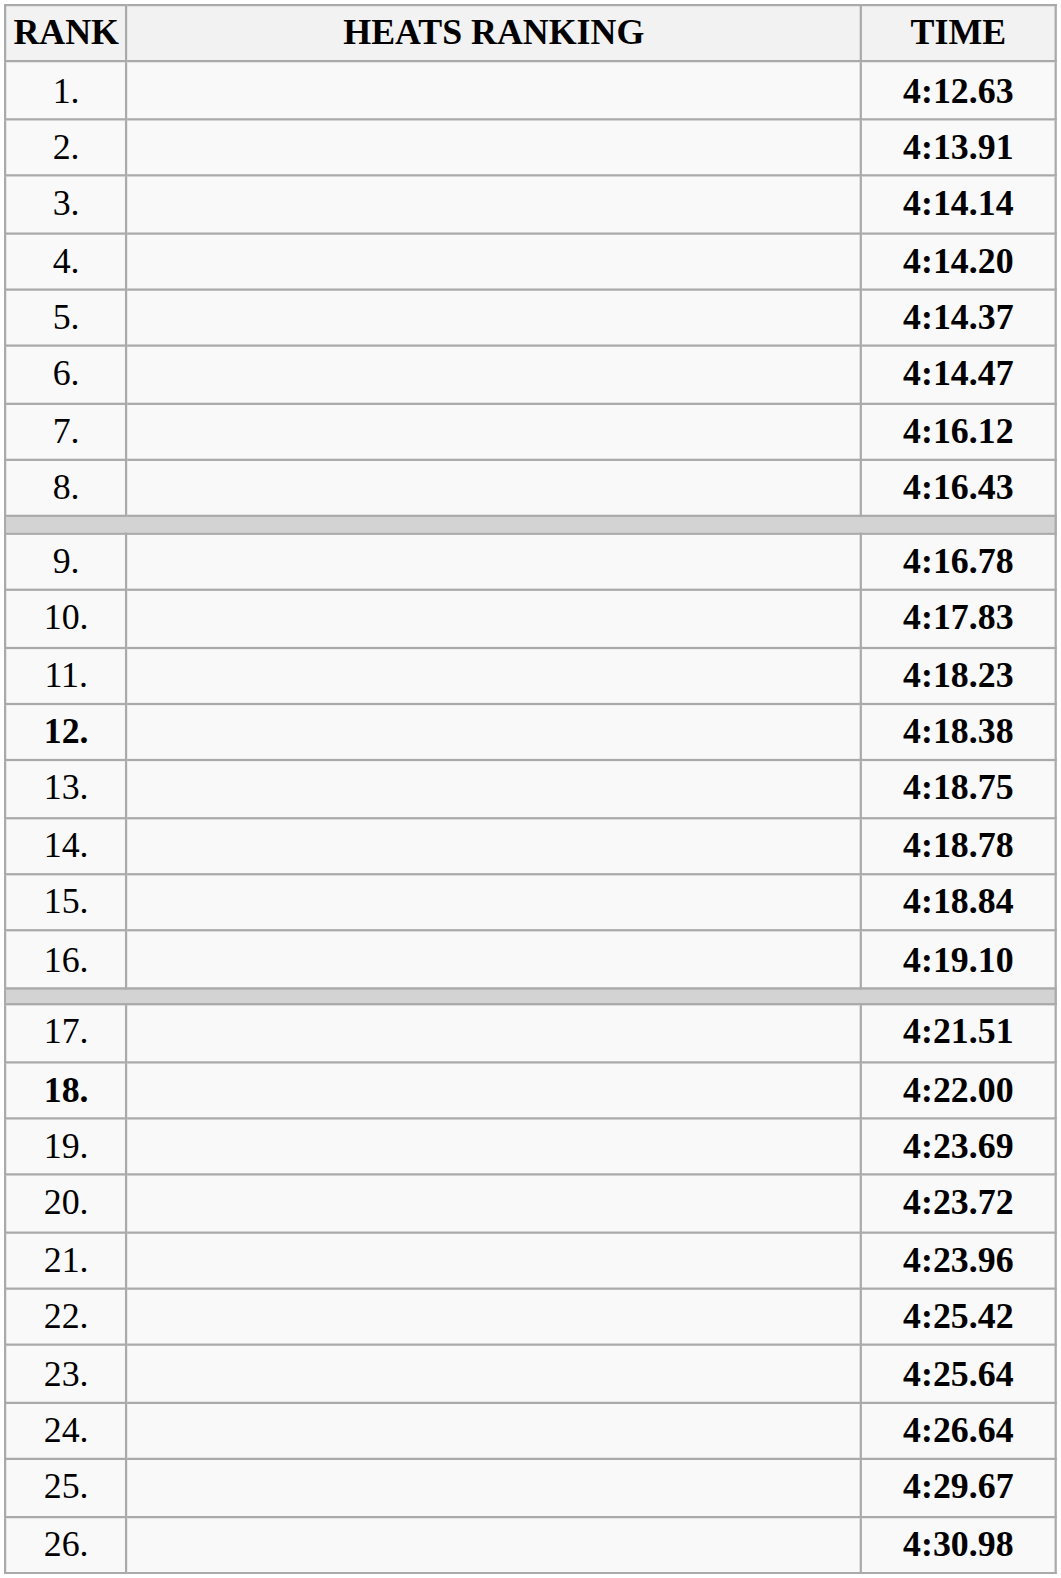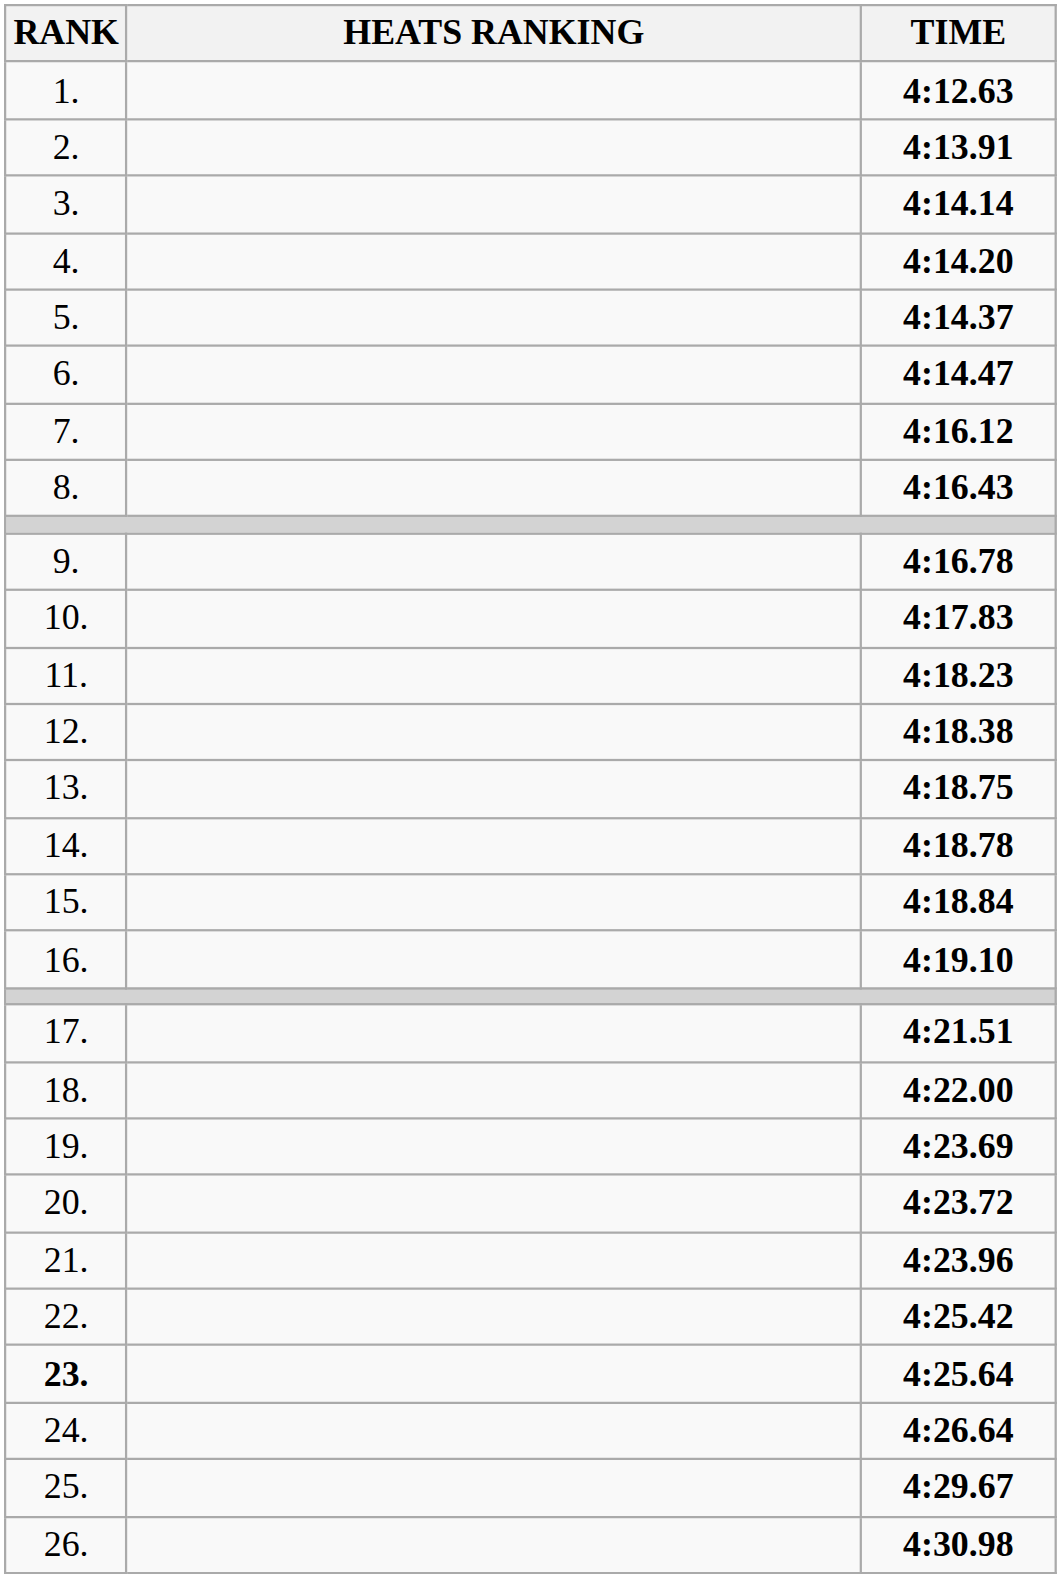 <table class="wikitable">
 <tr>
 <th>RANK</th>
 <th style="width: 20em">HEATS RANKING</th>
 <th style="width: 5em">TIME</th>
 </tr>
 <tr>
 <td align="center">1.</td>
 <td></td>
 <td align="center"><strong>4:12.63</strong></td>
 </tr>
 <tr>
 <td align="center">2.</td>
 <td></td>
 <td align="center"><strong>4:13.91</strong></td>
 </tr>
 <tr>
 <td align="center">3.</td>
 <td></td>
 <td align="center"><strong>4:14.14</strong></td>
 </tr>
 <tr>
 <td align="center">4.</td>
 <td></td>
 <td align="center"><strong>4:14.20</strong></td>
 </tr>
 <tr>
 <td align="center">5.</td>
 <td></td>
 <td align="center"><strong>4:14.37</strong></td>
 </tr>
 <tr>
 <td align="center">6.</td>
 <td></td>
 <td align="center"><strong>4:14.47</strong></td>
 </tr>
 <tr>
 <td align="center">7.</td>
 <td></td>
 <td align="center"><strong>4:16.12</strong></td>
 </tr>
 <tr>
 <td align="center">8.</td>
 <td></td>
 <td align="center"><strong>4:16.43</strong></td>
 </tr>
 <tr>
 <td colspan=3 bgcolor=lightgray></td>
 </tr>
 <tr>
 <td align="center">9.</td>
 <td></td>
 <td align="center"><strong>4:16.78</strong></td>
 </tr>
 <tr>
 <td align="center">10.</td>
 <td></td>
 <td align="center"><strong>4:17.83</strong></td>
 </tr>
 <tr>
 <td align="center">11.</td>
 <td></td>
 <td align="center"><strong>4:18.23</strong></td>
 </tr>
 <tr>
-<td align="center"><strong>12.</strong></td>
+<td align="center">12.</td>
 <td></td>
 <td align="center"><strong>4:18.38</strong></td>
 </tr>
 <tr>
 <td align="center">13.</td>
 <td></td>
 <td align="center"><strong>4:18.75</strong></td>
 </tr>
 <tr>
 <td align="center">14.</td>
 <td></td>
 <td align="center"><strong>4:18.78</strong></td>
 </tr>
 <tr>
 <td align="center">15.</td>
 <td></td>
 <td align="center"><strong>4:18.84</strong></td>
 </tr>
 <tr>
 <td align="center">16.</td>
 <td></td>
 <td align="center"><strong>4:19.10</strong></td>
 </tr>
 <tr>
 <td colspan=3 bgcolor=lightgray></td>
 </tr>
 <tr>
 <td align="center">17.</td>
 <td></td>
 <td align="center"><strong>4:21.51</strong></td>
 </tr>
 <tr>
-<td align="center"><strong>18.</strong></td>
+<td align="center">18.</td>
 <td></td>
 <td align="center"><strong>4:22.00</strong></td>
 </tr>
 <tr>
 <td align="center">19.</td>
 <td></td>
 <td align="center"><strong>4:23.69</strong></td>
 </tr>
 <tr>
 <td align="center">20.</td>
 <td></td>
 <td align="center"><strong>4:23.72</strong></td>
 </tr>
 <tr>
 <td align="center">21.</td>
 <td></td>
 <td align="center"><strong>4:23.96</strong></td>
 </tr>
 <tr>
 <td align="center">22.</td>
 <td></td>
 <td align="center"><strong>4:25.42</strong></td>
 </tr>
 <tr>
-<td align="center">23.</td>
+<td align="center"><strong>23.</strong></td>
 <td></td>
 <td align="center"><strong>4:25.64</strong></td>
 </tr>
 <tr>
 <td align="center">24.</td>
 <td></td>
 <td align="center"><strong>4:26.64</strong></td>
 </tr>
 <tr>
 <td align="center">25.</td>
 <td></td>
 <td align="center"><strong>4:29.67</strong></td>
 </tr>
 <tr>
 <td align="center">26.</td>
 <td></td>
 <td align="center"><strong>4:30.98</strong></td>
 </tr>
 </table>
